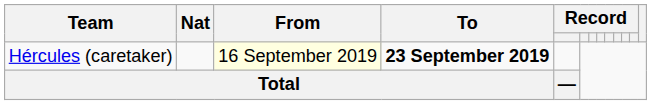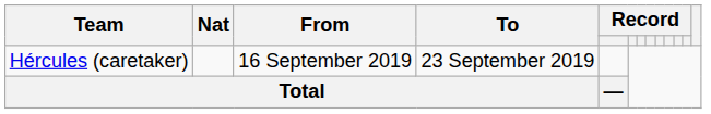 <table class="wikitable" style="text-align: center">
 <tr>
 <th rowspan="2">Team</th>
 <th rowspan="2">Nat</th>
 <th rowspan="2">From</th>
 <th rowspan="2">To</th>
 <th colspan="8">Record</th>
 <th rowspan=2></th>
 </tr>
 <tr>
 <th></th>
 <th></th>
 <th></th>
 <th></th>
 <th></th>
 <th></th>
 <th></th>
 <th></th>
 </tr>
 <tr>
 <td align="left"><a href='#'>Hércules</a> (caretaker)</td>
 <td></td>
-<td align=left style="background: lightyellow;">16 September 2019</td>
-<td align=left><strong>23 September 2019<br></strong></td>
+<td align=left>16 September 2019</td>
+<td align=left>23 September 2019<br></td>
 <td></td>
 </tr>
 <tr>
 <th colspan="4">Total<br></th>
 <th>—</th>
 </tr>
 </table>
